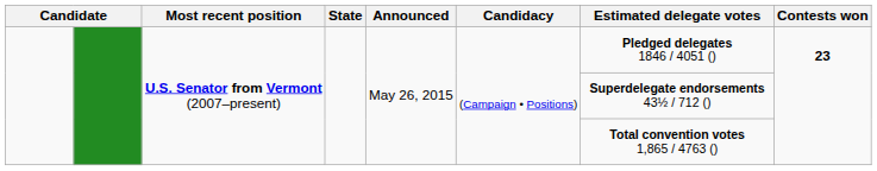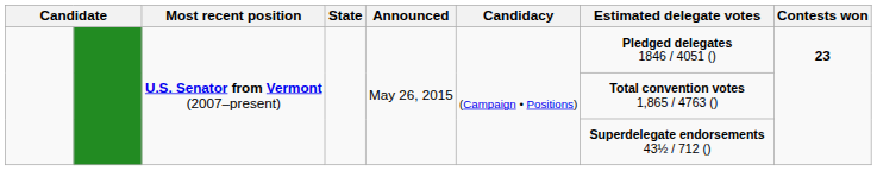 <table class="wikitable" style="text-align:center">
 <tr>
 <th colspan="2" style="width:150px;">Candidate</th>
 <th>Most recent position</th>
 <th>State</th>
 <th>Announced</th>
 <th>Candidacy</th>
 <th>Estimated delegate votes</th>
 <th>Contests won</th>
 </tr>
 <tr>
 <td rowspan="3"> <br><big><strong></strong></big></td>
 <td style="background:#228B22;" rowspan="3"></td>
 <td rowspan="3"><strong><a href='#'>U.S. Senator</a> from <a href='#'>Vermont</a></strong><br> (2007–present)</td>
 <td rowspan="3"></td>
 <td rowspan="3">May 26, 2015</td>
 <td rowspan="3"><br><small>(<a href='#'>Campaign</a> • <a href='#'>Positions</a>)</small><small><br></small></td>
 <td style="font-size:90%; padding:10px;"><strong>Pledged delegates</strong> <br> 1846 / 4051 ()<br> </td>
 <td rowspan="3"> <strong>23</strong> <br><br><br><br><br><br></td>
 </tr>
 <tr>
+<td style="font-size:90%; padding:10px;"><strong>Total convention votes</strong> <br> 1,865 / 4763 ()</td>
+</tr>
+<tr>
 <td style="font-size:90%; padding:10px;"><strong>Superdelegate endorsements</strong> <br> 43½ / 712 ()<br> </td>
 </tr>
-<tr>
-<td style="font-size:90%; padding:10px;"><strong>Total convention votes</strong> <br> 1,865 / 4763 ()</td>
-</tr>
 </table>
